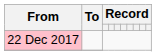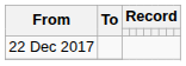 <table class="wikitable" style="text-align: left">
 <tr>
 <th rowspan="2">From</th>
 <th rowspan="2">To</th>
 <th colspan="8">Record</th>
 </tr>
 <tr>
 <th></th>
 <th></th>
 <th></th>
 <th></th>
 <th></th>
 <th></th>
 <th></th>
 <th></th>
 </tr>
 <tr>
-<td style="background: pink; text-align:left">22 Dec 2017</td>
+<td style="text-align:left">22 Dec 2017</td>
 <td style="text-align:left"><br></td>
 </tr>
 <tr>
 </tr>
 </table>
